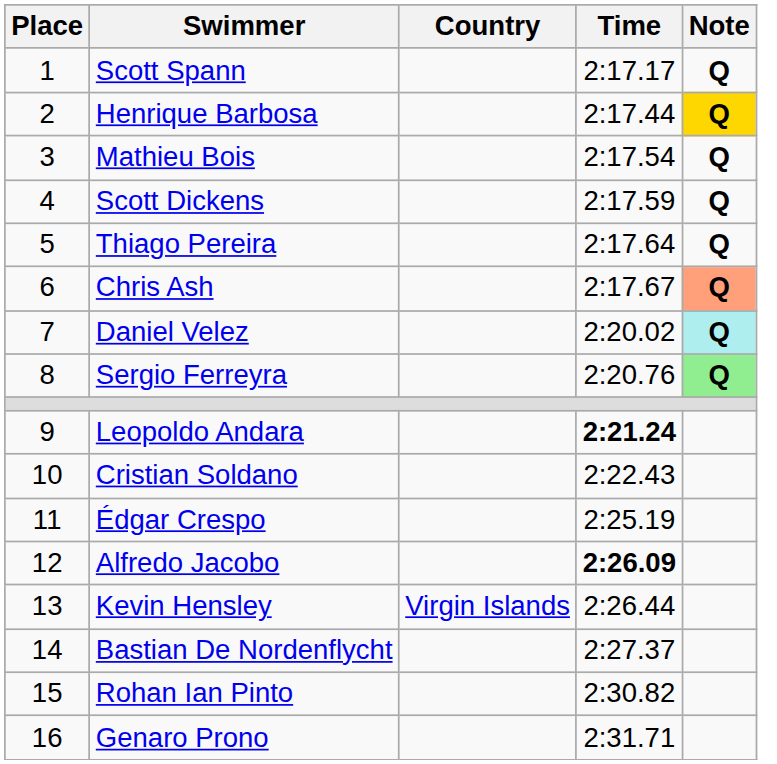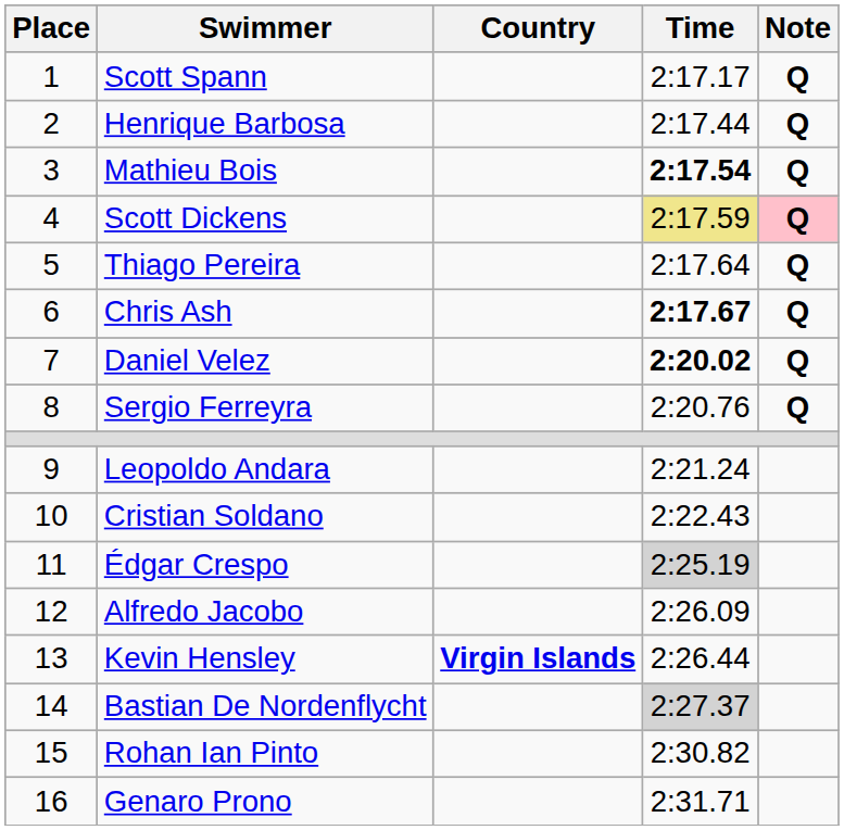 <table class="wikitable" style="text-align:center">
 <tr>
 <th>Place</th>
 <th>Swimmer</th>
 <th>Country</th>
 <th>Time</th>
 <th>Note</th>
 </tr>
 <tr>
 <td>1</td>
 <td align=left><a href='#'>Scott Spann</a></td>
 <td align=left></td>
 <td>2:17.17</td>
 <td><strong>Q</strong></td>
 </tr>
 <tr>
 <td>2</td>
 <td align=left><a href='#'>Henrique Barbosa</a></td>
 <td align=left></td>
 <td>2:17.44</td>
-<td style="background: gold;"><strong>Q</strong></td>
+<td><strong>Q</strong></td>
 </tr>
 <tr>
 <td>3</td>
 <td align=left><a href='#'>Mathieu Bois</a></td>
 <td align=left></td>
-<td>2:17.54</td>
+<td><strong>2:17.54</strong></td>
 <td><strong>Q</strong></td>
 </tr>
 <tr>
 <td>4</td>
 <td align=left><a href='#'>Scott Dickens</a></td>
 <td align=left></td>
-<td>2:17.59</td>
-<td><strong>Q</strong></td>
+<td style="background: khaki;">2:17.59</td>
+<td style="background: pink;"><strong>Q</strong></td>
 </tr>
 <tr>
 <td>5</td>
 <td align=left><a href='#'>Thiago Pereira</a></td>
 <td align=left></td>
 <td>2:17.64</td>
 <td><strong>Q</strong></td>
 </tr>
 <tr>
 <td>6</td>
 <td align=left><a href='#'>Chris Ash</a></td>
 <td align=left></td>
-<td>2:17.67</td>
-<td style="background: lightsalmon;"><strong>Q</strong></td>
+<td><strong>2:17.67</strong></td>
+<td><strong>Q</strong></td>
 </tr>
 <tr>
 <td>7</td>
 <td align=left><a href='#'>Daniel Velez</a></td>
 <td align=left></td>
-<td>2:20.02</td>
-<td style="background: paleturquoise;"><strong>Q</strong></td>
+<td><strong>2:20.02</strong></td>
+<td><strong>Q</strong></td>
 </tr>
 <tr>
 <td>8</td>
 <td align=left><a href='#'>Sergio Ferreyra</a></td>
 <td align=left></td>
 <td>2:20.76</td>
-<td style="background: lightgreen;"><strong>Q</strong></td>
+<td><strong>Q</strong></td>
 </tr>
 <tr bgcolor=#DDDDDD>
 <td colspan=5></td>
 </tr>
 <tr>
 <td>9</td>
 <td align=left><a href='#'>Leopoldo Andara</a></td>
 <td align=left></td>
-<td><strong>2:21.24</strong></td>
+<td>2:21.24</td>
 <td></td>
 </tr>
 <tr>
 <td>10</td>
 <td align=left><a href='#'>Cristian Soldano</a></td>
 <td align=left></td>
 <td>2:22.43</td>
 <td></td>
 </tr>
 <tr>
 <td>11</td>
 <td align=left><a href='#'>Édgar Crespo</a></td>
 <td align=left></td>
-<td>2:25.19</td>
+<td style="background: lightgrey;">2:25.19</td>
 <td></td>
 </tr>
 <tr>
 <td>12</td>
 <td align=left><a href='#'>Alfredo Jacobo</a></td>
 <td align=left></td>
-<td><strong>2:26.09</strong></td>
+<td>2:26.09</td>
 <td></td>
 </tr>
 <tr>
 <td>13</td>
 <td align=left><a href='#'>Kevin Hensley</a></td>
-<td align=left> <a href='#'>Virgin Islands</a></td>
+<td align=left><strong> <a href='#'>Virgin Islands</a></strong></td>
 <td>2:26.44</td>
 <td></td>
 </tr>
 <tr>
 <td>14</td>
 <td align=left><a href='#'>Bastian De Nordenflycht</a></td>
 <td align=left></td>
-<td>2:27.37</td>
+<td style="background: lightgrey;">2:27.37</td>
 <td></td>
 </tr>
 <tr>
 <td>15</td>
 <td align=left><a href='#'>Rohan Ian Pinto</a></td>
 <td align=left></td>
 <td>2:30.82</td>
 <td></td>
 </tr>
 <tr>
 <td>16</td>
 <td align=left><a href='#'>Genaro Prono</a></td>
 <td align=left></td>
 <td>2:31.71</td>
 <td></td>
 </tr>
 <tr>
 </tr>
 </table>
